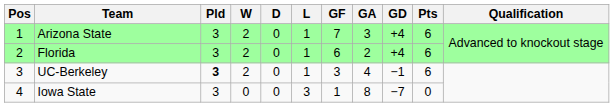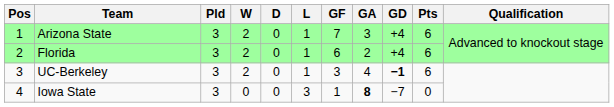 <table class="wikitable" style="text-align:center; margin: 1em auto">
 <tr>
 <th style="width:2em">Pos</th>
 <th style="width:13em">Team</th>
 <th style="width:2em">Pld</th>
 <th style="width:2em">W</th>
 <th style="width:2em">D</th>
 <th style="width:2em">L</th>
 <th style="width:2em">GF</th>
 <th style="width:2em">GA</th>
 <th style="width:2em">GD</th>
 <th style="width:2em">Pts</th>
 <th style="width:13em">Qualification</th>
 </tr>
 <tr bgcolor="#9eff9e">
 <td>1</td>
 <td style="text-align:left">Arizona State</td>
 <td>3</td>
 <td>2</td>
 <td>0</td>
 <td>1</td>
 <td>7</td>
 <td>3</td>
 <td>+4</td>
 <td>6</td>
 <td rowspan="2">Advanced to knockout stage</td>
 </tr>
 <tr bgcolor="#9eff9e">
 <td>2</td>
 <td style="text-align:left">Florida</td>
 <td>3</td>
 <td>2</td>
 <td>0</td>
 <td>1</td>
 <td>6</td>
 <td>2</td>
 <td>+4</td>
 <td>6</td>
 </tr>
 <tr>
 <td>3</td>
 <td style="text-align:left">UC-Berkeley</td>
-<td><strong>3</strong></td>
+<td>3</td>
 <td>2</td>
 <td>0</td>
 <td>1</td>
 <td>3</td>
 <td>4</td>
-<td>−1</td>
+<td><strong>−1</strong></td>
 <td>6</td>
 </tr>
 <tr>
 <td>4</td>
 <td style="text-align:left">Iowa State</td>
 <td>3</td>
 <td>0</td>
 <td>0</td>
 <td>3</td>
 <td>1</td>
-<td>8</td>
+<td><strong>8</strong></td>
 <td>−7</td>
 <td>0</td>
 </tr>
 </table>
